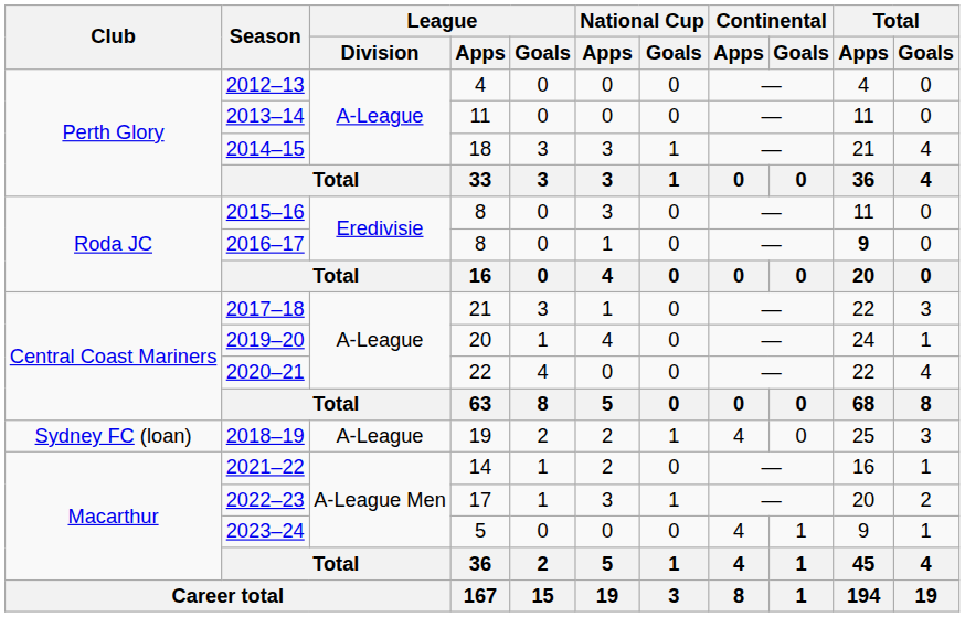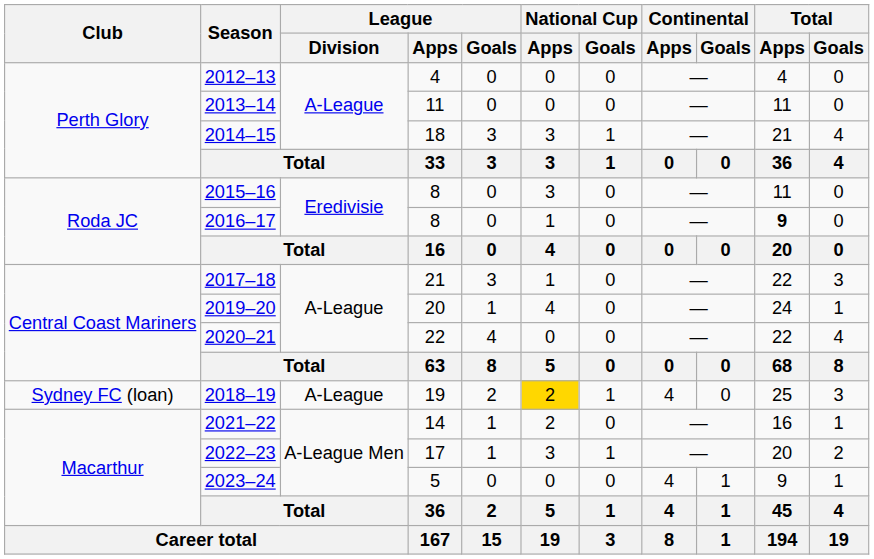 <table class="wikitable", style="text-align:center">
 <tr>
 <th rowspan="2">Club</th>
 <th rowspan="2">Season</th>
 <th colspan="3">League</th>
 <th colspan="2">National Cup</th>
 <th colspan="2">Continental</th>
 <th colspan="2">Total</th>
 </tr>
 <tr>
 <th>Division</th>
 <th>Apps</th>
 <th>Goals</th>
 <th>Apps</th>
 <th>Goals</th>
 <th>Apps</th>
 <th>Goals</th>
 <th>Apps</th>
 <th>Goals</th>
 </tr>
 <tr>
 <td rowspan="4"><a href='#'>Perth Glory</a></td>
 <td><a href='#'>2012–13</a></td>
 <td rowspan="3"><a href='#'>A-League</a></td>
 <td>4</td>
 <td>0</td>
 <td>0</td>
 <td>0</td>
 <td colspan="2">—</td>
 <td>4</td>
 <td>0</td>
 </tr>
 <tr>
 <td><a href='#'>2013–14</a></td>
 <td>11</td>
 <td>0</td>
 <td>0</td>
 <td>0</td>
 <td colspan="2">—</td>
 <td>11</td>
 <td>0</td>
 </tr>
 <tr>
 <td><a href='#'>2014–15</a></td>
 <td>18</td>
 <td>3</td>
 <td>3</td>
 <td>1</td>
 <td colspan="2">—</td>
 <td>21</td>
 <td>4</td>
 </tr>
 <tr>
 <th colspan="2">Total</th>
 <th>33</th>
 <th>3</th>
 <th>3</th>
 <th>1</th>
 <th>0</th>
 <th>0</th>
 <th>36</th>
 <th>4</th>
 </tr>
 <tr>
 <td rowspan="3"><a href='#'>Roda JC</a></td>
 <td><a href='#'>2015–16</a></td>
 <td rowspan="2"><a href='#'>Eredivisie</a></td>
 <td>8</td>
 <td>0</td>
 <td>3</td>
 <td>0</td>
 <td colspan="2">—</td>
 <td>11</td>
 <td>0</td>
 </tr>
 <tr>
 <td><a href='#'>2016–17</a></td>
 <td>8</td>
 <td>0</td>
 <td>1</td>
 <td>0</td>
 <td colspan="2">—</td>
 <td><strong>9</strong></td>
 <td>0</td>
 </tr>
 <tr>
 <th colspan="2">Total</th>
 <th>16</th>
 <th>0</th>
 <th>4</th>
 <th>0</th>
 <th>0</th>
 <th>0</th>
 <th>20</th>
 <th>0</th>
 </tr>
 <tr>
 <td rowspan="4"><a href='#'>Central Coast Mariners</a></td>
 <td><a href='#'>2017–18</a></td>
 <td rowspan="3">A-League</td>
 <td>21</td>
 <td>3</td>
 <td>1</td>
 <td>0</td>
 <td colspan="2">—</td>
 <td>22</td>
 <td>3</td>
 </tr>
 <tr>
 <td><a href='#'>2019–20</a></td>
 <td>20</td>
 <td>1</td>
 <td>4</td>
 <td>0</td>
 <td colspan="2">—</td>
 <td>24</td>
 <td>1</td>
 </tr>
 <tr>
 <td><a href='#'>2020–21</a></td>
 <td>22</td>
 <td>4</td>
 <td>0</td>
 <td>0</td>
 <td colspan="2">—</td>
 <td>22</td>
 <td>4</td>
 </tr>
 <tr>
 <th colspan="2">Total</th>
 <th>63</th>
 <th>8</th>
 <th>5</th>
 <th>0</th>
 <th>0</th>
 <th>0</th>
 <th>68</th>
 <th>8</th>
 </tr>
 <tr>
 <td><a href='#'>Sydney FC</a> (loan)</td>
 <td><a href='#'>2018–19</a></td>
 <td>A-League</td>
 <td>19</td>
 <td>2</td>
-<td>2</td>
+<td style="background: gold;">2</td>
 <td>1</td>
 <td>4</td>
 <td>0</td>
 <td>25</td>
 <td>3</td>
 </tr>
 <tr>
 <td rowspan="4"><a href='#'>Macarthur</a></td>
 <td><a href='#'>2021–22</a></td>
 <td rowspan="3">A-League Men</td>
 <td>14</td>
 <td>1</td>
 <td>2</td>
 <td>0</td>
 <td colspan="2">—</td>
 <td>16</td>
 <td>1</td>
 </tr>
 <tr>
 <td><a href='#'>2022–23</a></td>
 <td>17</td>
 <td>1</td>
 <td>3</td>
 <td>1</td>
 <td colspan="2">—</td>
 <td>20</td>
 <td>2</td>
 </tr>
 <tr>
 <td><a href='#'>2023–24</a></td>
 <td>5</td>
 <td>0</td>
 <td>0</td>
 <td>0</td>
 <td>4</td>
 <td>1</td>
 <td>9</td>
 <td>1</td>
 </tr>
 <tr>
 <th colspan="2">Total</th>
 <th>36</th>
 <th>2</th>
 <th>5</th>
 <th>1</th>
 <th>4</th>
 <th>1</th>
 <th>45</th>
 <th>4</th>
 </tr>
 <tr>
 <th colspan="3">Career total</th>
 <th>167</th>
 <th>15</th>
 <th>19</th>
 <th>3</th>
 <th>8</th>
 <th>1</th>
 <th>194</th>
 <th>19</th>
 </tr>
 </table>
